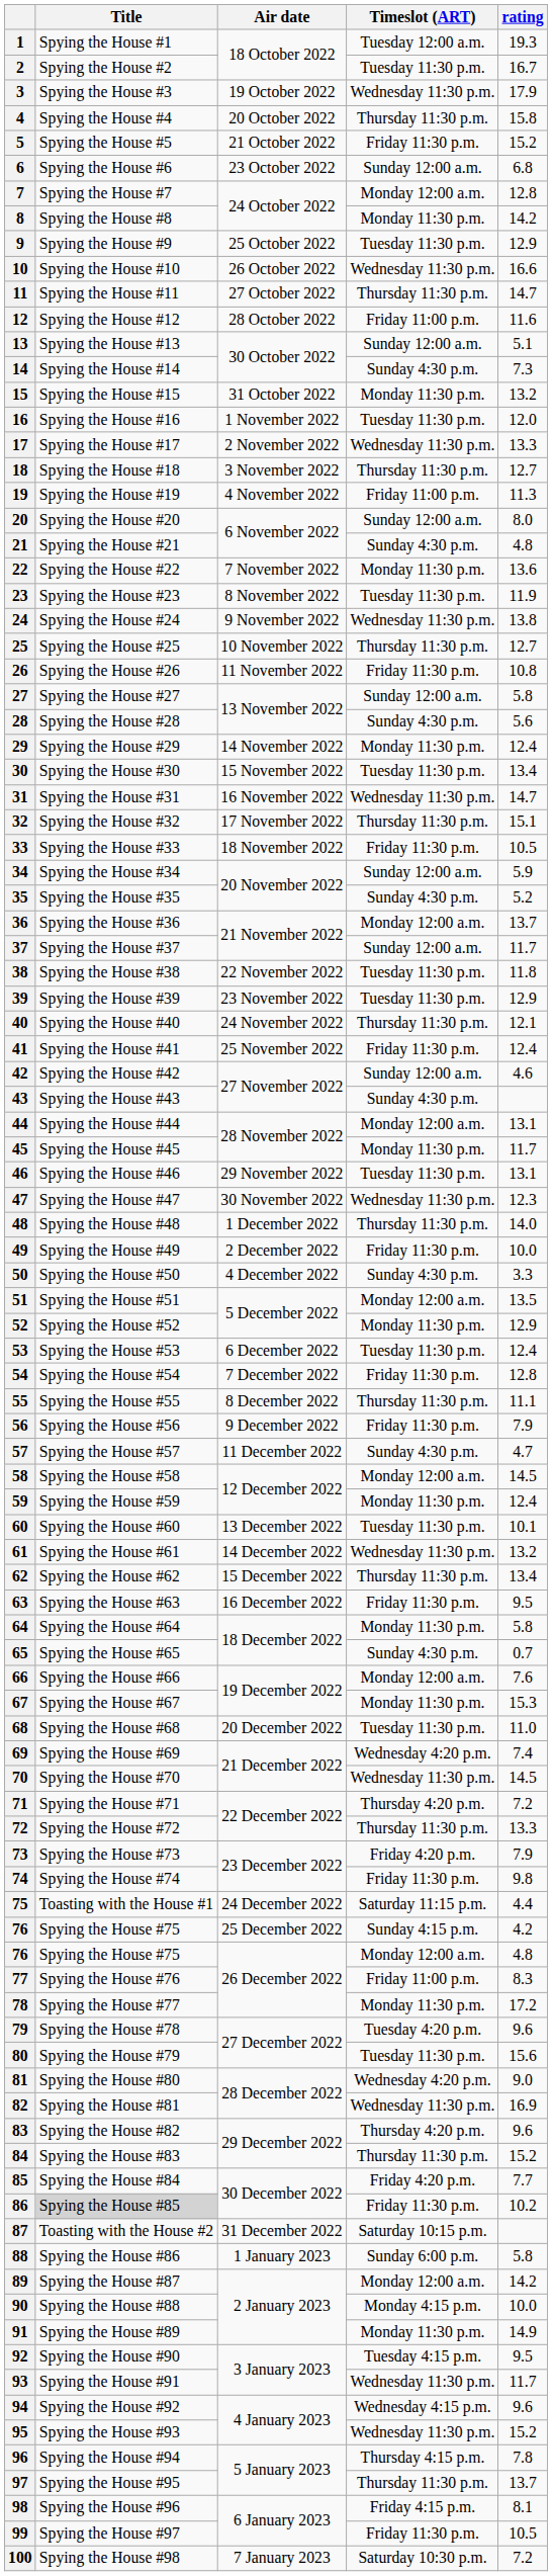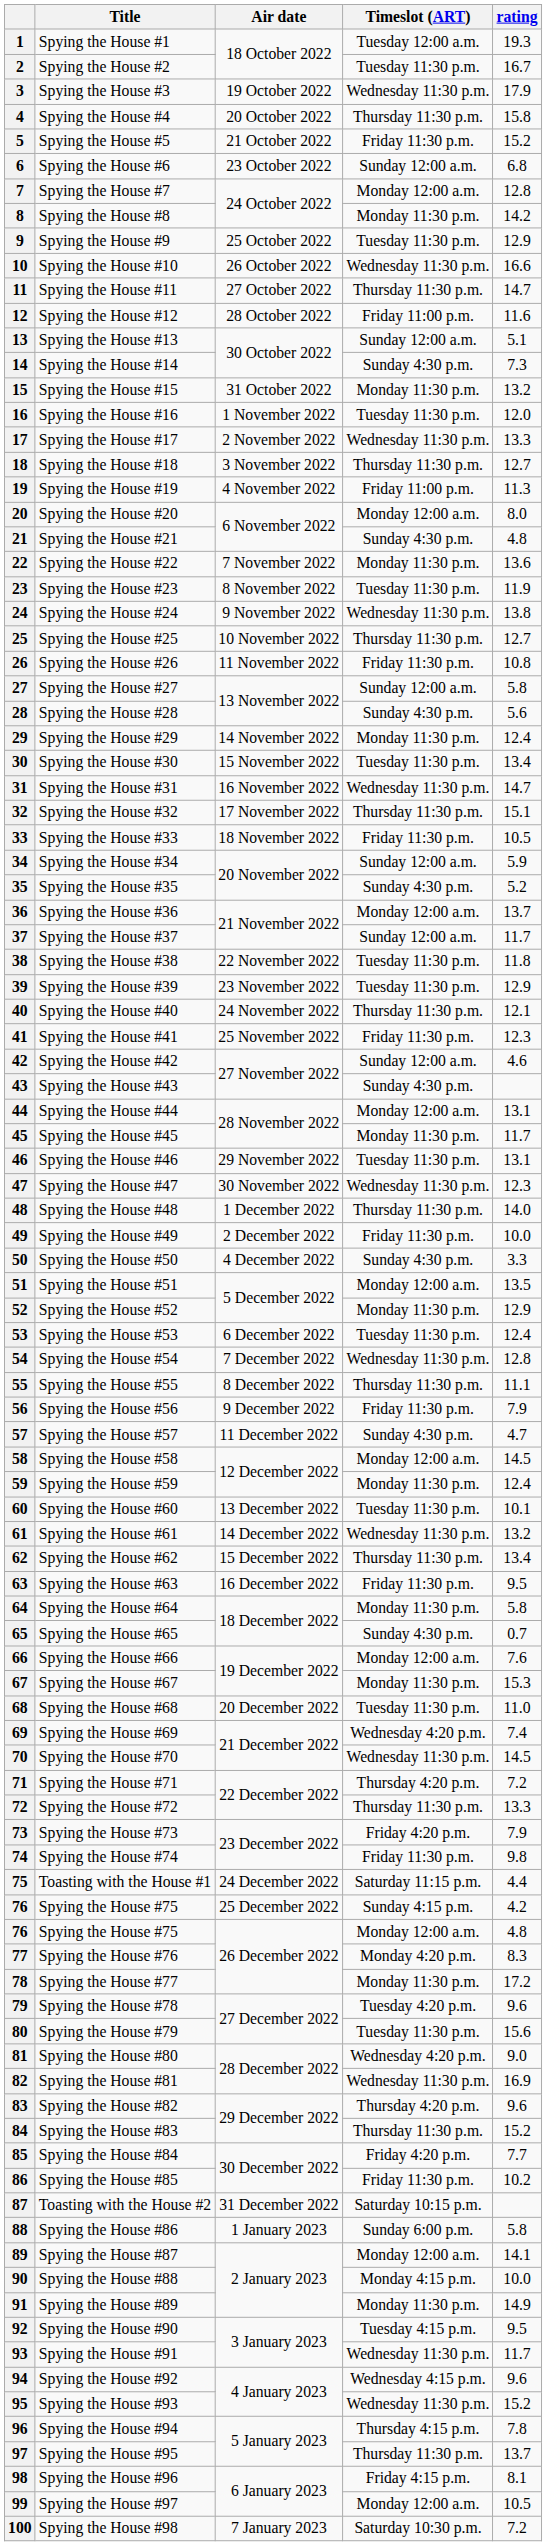 <table class="wikitable sortable plainrowheaders mw-collapsible mw-collapsed" style="text-align:center">
 <tr align="center">
 <th></th>
 <th>Title</th>
 <th>Air date</th>
 <th>Timeslot (<a href='#'>ART</a>)</th>
 <th> <a href='#'>rating</a></th>
 </tr>
 <tr>
 <th scope="row" style="text-align:center">1</th>
 <td style="text-align: left;">Spying the House #1</td>
 <td rowspan="2">18 October 2022</td>
 <td>Tuesday 12:00 a.m.</td>
 <td>19.3</td>
 </tr>
 <tr>
 <th scope="row" style="text-align:center">2</th>
 <td style="text-align: left;">Spying the House #2</td>
 <td>Tuesday 11:30 p.m.</td>
 <td>16.7</td>
 </tr>
 <tr>
 <th scope="row" style="text-align:center">3</th>
 <td style="text-align: left;">Spying the House #3</td>
 <td>19 October 2022</td>
 <td>Wednesday 11:30 p.m.</td>
 <td>17.9</td>
 </tr>
 <tr>
 <th scope="row" style="text-align:center">4</th>
 <td style="text-align: left;">Spying the House #4</td>
 <td>20 October 2022</td>
 <td>Thursday 11:30 p.m.</td>
 <td>15.8</td>
 </tr>
 <tr>
 <th scope="row" style="text-align:center">5</th>
 <td style="text-align: left;">Spying the House #5</td>
 <td>21 October 2022</td>
 <td>Friday 11:30 p.m.</td>
 <td>15.2</td>
 </tr>
 <tr>
 <th scope="row" style="text-align:center">6</th>
 <td style="text-align: left;">Spying the House #6</td>
 <td>23 October 2022</td>
 <td>Sunday 12:00 a.m.</td>
 <td>6.8</td>
 </tr>
 <tr>
 <th scope="row" style="text-align:center">7</th>
 <td style="text-align: left;">Spying the House #7</td>
 <td rowspan="2">24 October 2022</td>
 <td>Monday 12:00 a.m.</td>
 <td>12.8</td>
 </tr>
 <tr>
 <th scope="row" style="text-align:center">8</th>
 <td style="text-align: left;">Spying the House #8</td>
 <td>Monday 11:30 p.m.</td>
 <td>14.2</td>
 </tr>
 <tr>
 <th scope="row" style="text-align:center">9</th>
 <td style="text-align: left;">Spying the House #9</td>
 <td>25 October 2022</td>
 <td>Tuesday 11:30 p.m.</td>
 <td>12.9</td>
 </tr>
 <tr>
 <th scope="row" style="text-align:center">10</th>
 <td style="text-align: left;">Spying the House #10</td>
 <td>26 October 2022</td>
 <td>Wednesday 11:30 p.m.</td>
 <td>16.6</td>
 </tr>
 <tr>
 <th scope="row" style="text-align:center">11</th>
 <td style="text-align: left;">Spying the House #11</td>
 <td>27 October 2022</td>
 <td>Thursday 11:30 p.m.</td>
 <td>14.7</td>
 </tr>
 <tr>
 <th scope="row" style="text-align:center">12</th>
 <td style="text-align: left;">Spying the House #12</td>
 <td>28 October 2022</td>
 <td>Friday 11:00 p.m.</td>
 <td>11.6</td>
 </tr>
 <tr>
 <th scope="row" style="text-align:center">13</th>
 <td style="text-align: left;">Spying the House #13</td>
 <td rowspan="2">30 October 2022</td>
 <td>Sunday 12:00 a.m.</td>
 <td>5.1</td>
 </tr>
 <tr>
 <th scope="row" style="text-align:center">14</th>
 <td style="text-align: left;">Spying the House #14</td>
 <td>Sunday 4:30 p.m.</td>
 <td>7.3</td>
 </tr>
 <tr>
 <th scope="row" style="text-align:center">15</th>
 <td style="text-align: left;">Spying the House #15</td>
 <td>31 October 2022</td>
 <td>Monday 11:30 p.m.</td>
 <td>13.2</td>
 </tr>
 <tr>
 <th scope="row" style="text-align:center">16</th>
 <td style="text-align: left;">Spying the House #16</td>
 <td>1 November 2022</td>
 <td>Tuesday 11:30 p.m.</td>
 <td>12.0</td>
 </tr>
 <tr>
 <th scope="row" style="text-align:center">17</th>
 <td style="text-align: left;">Spying the House #17</td>
 <td>2 November 2022</td>
 <td>Wednesday 11:30 p.m.</td>
 <td>13.3</td>
 </tr>
 <tr>
 <th scope="row" style="text-align:center">18</th>
 <td style="text-align: left;">Spying the House #18</td>
 <td>3 November 2022</td>
 <td>Thursday 11:30 p.m.</td>
 <td>12.7</td>
 </tr>
 <tr>
 <th scope="row" style="text-align:center">19</th>
 <td style="text-align: left;">Spying the House #19</td>
 <td>4 November 2022</td>
 <td>Friday 11:00 p.m.</td>
 <td>11.3</td>
 </tr>
 <tr>
 <th scope="row" style="text-align:center">20</th>
 <td style="text-align: left;">Spying the House #20</td>
 <td rowspan="2">6 November 2022</td>
-<td>Sunday 12:00 a.m.</td>
+<td>Monday 12:00 a.m.</td>
 <td>8.0</td>
 </tr>
 <tr>
 <th scope="row" style="text-align:center">21</th>
 <td style="text-align: left;">Spying the House #21</td>
 <td>Sunday 4:30 p.m.</td>
 <td>4.8</td>
 </tr>
 <tr>
 <th scope="row" style="text-align:center">22</th>
 <td style="text-align: left;">Spying the House #22</td>
 <td>7 November 2022</td>
 <td>Monday 11:30 p.m.</td>
 <td>13.6</td>
 </tr>
 <tr>
 <th scope="row" style="text-align:center">23</th>
 <td style="text-align: left;">Spying the House #23</td>
 <td>8 November 2022</td>
 <td>Tuesday 11:30 p.m.</td>
 <td>11.9</td>
 </tr>
 <tr>
 <th scope="row" style="text-align:center">24</th>
 <td style="text-align: left;">Spying the House #24</td>
 <td>9 November 2022</td>
 <td>Wednesday 11:30 p.m.</td>
 <td>13.8</td>
 </tr>
 <tr>
 <th scope="row" style="text-align:center">25</th>
 <td style="text-align: left;">Spying the House #25</td>
 <td>10 November 2022</td>
 <td>Thursday 11:30 p.m.</td>
 <td>12.7</td>
 </tr>
 <tr>
 <th scope="row" style="text-align:center">26</th>
 <td style="text-align: left;">Spying the House #26</td>
 <td>11 November 2022</td>
 <td>Friday 11:30 p.m.</td>
 <td>10.8</td>
 </tr>
 <tr>
 <th scope="row" style="text-align:center">27</th>
 <td style="text-align: left;">Spying the House #27</td>
 <td rowspan="2">13 November 2022</td>
 <td>Sunday 12:00 a.m.</td>
 <td>5.8</td>
 </tr>
 <tr>
 <th scope="row" style="text-align:center">28</th>
 <td style="text-align: left;">Spying the House #28</td>
 <td>Sunday 4:30 p.m.</td>
 <td>5.6</td>
 </tr>
 <tr>
 <th scope="row" style="text-align:center">29</th>
 <td style="text-align: left;">Spying the House #29</td>
 <td>14 November 2022</td>
 <td>Monday 11:30 p.m.</td>
 <td>12.4</td>
 </tr>
 <tr>
 <th scope="row" style="text-align:center">30</th>
 <td style="text-align: left;">Spying the House #30</td>
 <td>15 November 2022</td>
 <td>Tuesday 11:30 p.m.</td>
 <td>13.4</td>
 </tr>
 <tr>
 <th scope="row" style="text-align:center">31</th>
 <td style="text-align: left;">Spying the House #31</td>
 <td>16 November 2022</td>
 <td>Wednesday 11:30 p.m.</td>
 <td>14.7</td>
 </tr>
 <tr>
 <th scope="row" style="text-align:center">32</th>
 <td style="text-align: left;">Spying the House #32</td>
 <td>17 November 2022</td>
 <td>Thursday 11:30 p.m.</td>
 <td>15.1</td>
 </tr>
 <tr>
 <th scope="row" style="text-align:center">33</th>
 <td style="text-align: left;">Spying the House #33</td>
 <td>18 November 2022</td>
 <td>Friday 11:30 p.m.</td>
 <td>10.5</td>
 </tr>
 <tr>
 <th scope="row" style="text-align:center">34</th>
 <td style="text-align: left;">Spying the House #34</td>
 <td rowspan="2">20 November 2022</td>
 <td>Sunday 12:00 a.m.</td>
 <td>5.9</td>
 </tr>
 <tr>
 <th scope="row" style="text-align:center">35</th>
 <td style="text-align: left;">Spying the House #35</td>
 <td>Sunday 4:30 p.m.</td>
 <td>5.2</td>
 </tr>
 <tr>
 <th scope="row" style="text-align:center">36</th>
 <td style="text-align: left;">Spying the House #36</td>
 <td rowspan="2">21 November 2022</td>
 <td>Monday 12:00 a.m.</td>
 <td>13.7</td>
 </tr>
 <tr>
 <th scope="row" style="text-align:center">37</th>
 <td style="text-align: left;">Spying the House #37</td>
 <td>Sunday 12:00 a.m.</td>
 <td>11.7</td>
 </tr>
 <tr>
 <th scope="row" style="text-align:center">38</th>
 <td style="text-align: left;">Spying the House #38</td>
 <td>22 November 2022</td>
 <td>Tuesday 11:30 p.m.</td>
 <td>11.8</td>
 </tr>
 <tr>
 <th scope="row" style="text-align:center">39</th>
 <td style="text-align: left;">Spying the House #39</td>
 <td>23 November 2022</td>
 <td>Tuesday 11:30 p.m.</td>
 <td>12.9</td>
 </tr>
 <tr>
 <th scope="row" style="text-align:center">40</th>
 <td style="text-align: left;">Spying the House #40</td>
 <td>24 November 2022</td>
 <td>Thursday 11:30 p.m.</td>
 <td>12.1</td>
 </tr>
 <tr>
 <th scope="row" style="text-align:center">41</th>
 <td style="text-align: left;">Spying the House #41</td>
 <td>25 November 2022</td>
 <td>Friday 11:30 p.m.</td>
-<td>12.4</td>
+<td>12.3</td>
 </tr>
 <tr>
 <th scope="row" style="text-align:center">42</th>
 <td style="text-align: left;">Spying the House #42</td>
 <td rowspan="2">27 November 2022</td>
 <td>Sunday 12:00 a.m.</td>
 <td>4.6</td>
 </tr>
 <tr>
 <th scope="row" style="text-align:center">43</th>
 <td style="text-align: left;">Spying the House #43</td>
 <td>Sunday 4:30 p.m.</td>
 <td></td>
 </tr>
 <tr>
 <th scope="row" style="text-align:center">44</th>
 <td style="text-align: left;">Spying the House #44</td>
 <td rowspan="2">28 November 2022</td>
 <td>Monday 12:00 a.m.</td>
 <td>13.1</td>
 </tr>
 <tr>
 <th scope="row" style="text-align:center">45</th>
 <td style="text-align: left;">Spying the House #45</td>
 <td>Monday 11:30 p.m.</td>
 <td>11.7</td>
 </tr>
 <tr>
 <th scope="row" style="text-align:center">46</th>
 <td style="text-align: left;">Spying the House #46</td>
 <td>29 November 2022</td>
 <td>Tuesday 11:30 p.m.</td>
 <td>13.1</td>
 </tr>
 <tr>
 <th scope="row" style="text-align:center">47</th>
 <td style="text-align: left;">Spying the House #47</td>
 <td>30 November 2022</td>
 <td>Wednesday 11:30 p.m.</td>
 <td>12.3</td>
 </tr>
 <tr>
 <th scope="row" style="text-align:center">48</th>
 <td style="text-align: left;">Spying the House #48</td>
 <td>1 December 2022</td>
 <td>Thursday 11:30 p.m.</td>
 <td>14.0</td>
 </tr>
 <tr>
 <th scope="row" style="text-align:center">49</th>
 <td style="text-align: left;">Spying the House #49</td>
 <td>2 December 2022</td>
 <td>Friday 11:30 p.m.</td>
 <td>10.0</td>
 </tr>
 <tr>
 <th scope="row" style="text-align:center">50</th>
 <td style="text-align: left;">Spying the House #50</td>
 <td>4 December 2022</td>
 <td>Sunday 4:30 p.m.</td>
 <td>3.3</td>
 </tr>
 <tr>
 <th scope="row" style="text-align:center">51</th>
 <td style="text-align: left;">Spying the House #51</td>
 <td rowspan="2">5 December 2022</td>
 <td>Monday 12:00 a.m.</td>
 <td>13.5</td>
 </tr>
 <tr>
 <th scope="row" style="text-align:center">52</th>
 <td style="text-align: left;">Spying the House #52</td>
 <td>Monday 11:30 p.m.</td>
 <td>12.9</td>
 </tr>
 <tr>
 <th scope="row" style="text-align:center">53</th>
 <td style="text-align: left;">Spying the House #53</td>
 <td>6 December 2022</td>
 <td>Tuesday 11:30 p.m.</td>
 <td>12.4</td>
 </tr>
 <tr>
 <th scope="row" style="text-align:center">54</th>
 <td style="text-align: left;">Spying the House #54</td>
 <td>7 December 2022</td>
-<td>Friday 11:30 p.m.</td>
+<td>Wednesday 11:30 p.m.</td>
 <td>12.8</td>
 </tr>
 <tr>
 <th scope="row" style="text-align:center">55</th>
 <td style="text-align: left;">Spying the House #55</td>
 <td>8 December 2022</td>
 <td>Thursday 11:30 p.m.</td>
 <td>11.1</td>
 </tr>
 <tr>
 <th scope="row" style="text-align:center">56</th>
 <td style="text-align: left;">Spying the House #56</td>
 <td>9 December 2022</td>
 <td>Friday 11:30 p.m.</td>
 <td>7.9</td>
 </tr>
 <tr>
 <th scope="row" style="text-align:center">57</th>
 <td style="text-align: left;">Spying the House #57</td>
 <td>11 December 2022</td>
 <td>Sunday 4:30 p.m.</td>
 <td>4.7</td>
 </tr>
 <tr>
 <th scope="row" style="text-align:center">58</th>
 <td style="text-align: left;">Spying the House #58</td>
 <td rowspan="2">12 December 2022</td>
 <td>Monday 12:00 a.m.</td>
 <td>14.5</td>
 </tr>
 <tr>
 <th scope="row" style="text-align:center">59</th>
 <td style="text-align: left;">Spying the House #59</td>
 <td>Monday 11:30 p.m.</td>
 <td>12.4</td>
 </tr>
 <tr>
 <th scope="row" style="text-align:center">60</th>
 <td style="text-align: left;">Spying the House #60</td>
 <td>13 December 2022</td>
 <td>Tuesday 11:30 p.m.</td>
 <td>10.1</td>
 </tr>
 <tr>
 <th scope="row" style="text-align:center">61</th>
 <td style="text-align: left;">Spying the House #61</td>
 <td>14 December 2022</td>
 <td>Wednesday 11:30 p.m.</td>
 <td>13.2</td>
 </tr>
 <tr>
 <th scope="row" style="text-align:center">62</th>
 <td style="text-align: left;">Spying the House #62</td>
 <td>15 December 2022</td>
 <td>Thursday 11:30 p.m.</td>
 <td>13.4</td>
 </tr>
 <tr>
 <th scope="row" style="text-align:center">63</th>
 <td style="text-align: left;">Spying the House #63</td>
 <td>16 December 2022</td>
 <td>Friday 11:30 p.m.</td>
 <td>9.5</td>
 </tr>
 <tr>
 <th scope="row" style="text-align:center">64</th>
 <td style="text-align: left;">Spying the House #64</td>
 <td rowspan="2">18 December 2022</td>
 <td>Monday 11:30 p.m.</td>
 <td>5.8</td>
 </tr>
 <tr>
 <th scope="row" style="text-align:center">65</th>
 <td style="text-align: left;">Spying the House #65</td>
 <td>Sunday 4:30 p.m.</td>
 <td>0.7</td>
 </tr>
 <tr>
 <th scope="row" style="text-align:center">66</th>
 <td style="text-align: left;">Spying the House #66</td>
 <td rowspan="2">19 December 2022</td>
 <td>Monday 12:00 a.m.</td>
 <td>7.6</td>
 </tr>
 <tr>
 <th scope="row" style="text-align:center">67</th>
 <td style="text-align: left;">Spying the House #67</td>
 <td>Monday 11:30 p.m.</td>
 <td>15.3</td>
 </tr>
 <tr>
 <th scope="row" style="text-align:center">68</th>
 <td style="text-align: left;">Spying the House #68</td>
 <td>20 December 2022</td>
 <td>Tuesday 11:30 p.m.</td>
 <td>11.0</td>
 </tr>
 <tr>
 <th scope="row" style="text-align:center">69</th>
 <td style="text-align: left;">Spying the House #69</td>
 <td rowspan="2">21 December 2022</td>
 <td>Wednesday 4:20 p.m.</td>
 <td>7.4</td>
 </tr>
 <tr>
 <th scope="row" style="text-align:center">70</th>
 <td style="text-align: left;">Spying the House #70</td>
 <td>Wednesday 11:30 p.m.</td>
 <td>14.5</td>
 </tr>
 <tr>
 <th scope="row" style="text-align:center">71</th>
 <td style="text-align: left;">Spying the House #71</td>
 <td rowspan="2">22 December 2022</td>
 <td>Thursday 4:20 p.m.</td>
 <td>7.2</td>
 </tr>
 <tr>
 <th scope="row" style="text-align:center">72</th>
 <td style="text-align: left;">Spying the House #72</td>
 <td>Thursday 11:30 p.m.</td>
 <td>13.3</td>
 </tr>
 <tr>
 <th scope="row" style="text-align:center">73</th>
 <td style="text-align: left;">Spying the House #73</td>
 <td rowspan="2">23 December 2022</td>
 <td>Friday 4:20 p.m.</td>
 <td>7.9</td>
 </tr>
 <tr>
 <th scope="row" style="text-align:center">74</th>
 <td style="text-align: left;">Spying the House #74</td>
 <td>Friday 11:30 p.m.</td>
 <td>9.8</td>
 </tr>
 <tr>
 <th scope="row" style="text-align:center">75</th>
 <td style="text-align: left;">Toasting with the House #1</td>
 <td>24 December 2022</td>
 <td>Saturday 11:15 p.m.</td>
 <td>4.4</td>
 </tr>
 <tr>
 <th scope="row" style="text-align:center">76</th>
 <td style="text-align: left;">Spying the House #75</td>
 <td>25 December 2022</td>
 <td>Sunday 4:15 p.m.</td>
 <td>4.2</td>
 </tr>
 <tr>
 <th scope="row" style="text-align:center">76</th>
 <td style="text-align: left;">Spying the House #75</td>
 <td rowspan="3">26 December 2022</td>
 <td>Monday 12:00 a.m.</td>
 <td>4.8</td>
 </tr>
 <tr>
 <th scope="row" style="text-align:center">77</th>
 <td style="text-align: left;">Spying the House #76</td>
-<td>Friday 11:00 p.m.</td>
+<td>Monday 4:20 p.m.</td>
 <td>8.3</td>
 </tr>
 <tr>
 <th scope="row" style="text-align:center">78</th>
 <td style="text-align: left;">Spying the House #77</td>
 <td>Monday 11:30 p.m.</td>
 <td>17.2</td>
 </tr>
 <tr>
 <th scope="row" style="text-align:center">79</th>
 <td style="text-align: left;">Spying the House #78</td>
 <td rowspan="2">27 December 2022</td>
 <td>Tuesday 4:20 p.m.</td>
 <td>9.6</td>
 </tr>
 <tr>
 <th scope="row" style="text-align:center">80</th>
 <td style="text-align: left;">Spying the House #79</td>
 <td>Tuesday 11:30 p.m.</td>
 <td>15.6</td>
 </tr>
 <tr>
 <th scope="row" style="text-align:center">81</th>
 <td style="text-align: left;">Spying the House #80</td>
 <td rowspan="2">28 December 2022</td>
 <td>Wednesday 4:20 p.m.</td>
 <td>9.0</td>
 </tr>
 <tr>
 <th scope="row" style="text-align:center">82</th>
 <td style="text-align: left;">Spying the House #81</td>
 <td>Wednesday 11:30 p.m.</td>
 <td>16.9</td>
 </tr>
 <tr>
 <th scope="row" style="text-align:center">83</th>
 <td style="text-align: left;">Spying the House #82</td>
 <td rowspan="2">29 December 2022</td>
 <td>Thursday 4:20 p.m.</td>
 <td>9.6</td>
 </tr>
 <tr>
 <th scope="row" style="text-align:center">84</th>
 <td style="text-align: left;">Spying the House #83</td>
 <td>Thursday 11:30 p.m.</td>
 <td>15.2</td>
 </tr>
 <tr>
 <th scope="row" style="text-align:center">85</th>
 <td style="text-align: left;">Spying the House #84</td>
 <td rowspan="2">30 December 2022</td>
 <td>Friday 4:20 p.m.</td>
 <td>7.7</td>
 </tr>
 <tr>
 <th scope="row" style="text-align:center">86</th>
-<td style="background: lightgrey; text-align: left;">Spying the House #85</td>
+<td style="text-align: left;">Spying the House #85</td>
 <td>Friday 11:30 p.m.</td>
 <td>10.2</td>
 </tr>
 <tr>
 <th scope="row" style="text-align:center">87</th>
 <td style="text-align: left;">Toasting with the House #2</td>
 <td>31 December 2022</td>
 <td>Saturday 10:15 p.m.</td>
 <td></td>
 </tr>
 <tr>
 <th scope="row" style="text-align:center">88</th>
 <td style="text-align: left;">Spying the House #86</td>
 <td>1 January 2023</td>
 <td>Sunday 6:00 p.m.</td>
 <td>5.8</td>
 </tr>
 <tr>
 <th scope="row" style="text-align:center">89</th>
 <td style="text-align: left;">Spying the House #87</td>
 <td rowspan="3">2 January 2023</td>
 <td>Monday 12:00 a.m.</td>
-<td>14.2</td>
+<td>14.1</td>
 </tr>
 <tr>
 <th scope="row" style="text-align:center">90</th>
 <td style="text-align: left;">Spying the House #88</td>
 <td>Monday 4:15 p.m.</td>
 <td>10.0</td>
 </tr>
 <tr>
 <th scope="row" style="text-align:center">91</th>
 <td style="text-align: left;">Spying the House #89</td>
 <td>Monday 11:30 p.m.</td>
 <td>14.9</td>
 </tr>
 <tr>
 <th scope="row" style="text-align:center">92</th>
 <td style="text-align: left;">Spying the House #90</td>
 <td rowspan="2">3 January 2023</td>
 <td>Tuesday 4:15 p.m.</td>
 <td>9.5</td>
 </tr>
 <tr>
 <th scope="row" style="text-align:center">93</th>
 <td style="text-align: left;">Spying the House #91</td>
 <td>Wednesday 11:30 p.m.</td>
 <td>11.7</td>
 </tr>
 <tr>
 <th scope="row" style="text-align:center">94</th>
 <td style="text-align: left;">Spying the House #92</td>
 <td rowspan="2">4 January 2023</td>
 <td>Wednesday 4:15 p.m.</td>
 <td>9.6</td>
 </tr>
 <tr>
 <th scope="row" style="text-align:center">95</th>
 <td style="text-align: left;">Spying the House #93</td>
 <td>Wednesday 11:30 p.m.</td>
 <td>15.2</td>
 </tr>
 <tr>
 <th scope="row" style="text-align:center">96</th>
 <td style="text-align: left;">Spying the House #94</td>
 <td rowspan="2">5 January 2023</td>
 <td>Thursday 4:15 p.m.</td>
 <td>7.8</td>
 </tr>
 <tr>
 <th scope="row" style="text-align:center">97</th>
 <td style="text-align: left;">Spying the House #95</td>
 <td>Thursday 11:30 p.m.</td>
 <td>13.7</td>
 </tr>
 <tr>
 <th scope="row" style="text-align:center">98</th>
 <td style="text-align: left;">Spying the House #96</td>
 <td rowspan="2">6 January 2023</td>
 <td>Friday 4:15 p.m.</td>
 <td>8.1</td>
 </tr>
 <tr>
 <th scope="row" style="text-align:center">99</th>
 <td style="text-align: left;">Spying the House #97</td>
-<td>Friday 11:30 p.m.</td>
+<td>Monday 12:00 a.m.</td>
 <td>10.5</td>
 </tr>
 <tr>
 <th scope="row" style="text-align:center">100</th>
 <td style="text-align: left;">Spying the House #98</td>
 <td>7 January 2023</td>
 <td>Saturday 10:30 p.m.</td>
 <td>7.2</td>
 </tr>
 </table>
